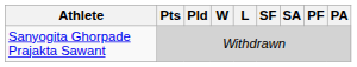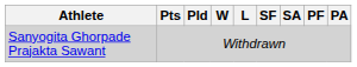 <table class=wikitable style="text-align:center">
 <tr>
 <th width="175">Athlete</th>
 <th width="20">Pts</th>
 <th width="20">Pld</th>
 <th width="20">W</th>
 <th width="20">L</th>
 <th width="20">SF</th>
 <th width="20">SA</th>
 <th width="20">PF</th>
 <th width="20">PA</th>
 </tr>
 <tr>
-<td style="text-align:left"> <a href='#'>Sanyogita Ghorpade</a> <br>  <a href='#'>Prajakta Sawant</a></td>
+<td style="background: lightgrey; text-align:left"> <a href='#'>Sanyogita Ghorpade</a> <br>  <a href='#'>Prajakta Sawant</a></td>
 <td colspan="8" bgcolor="lightgray"><em>Withdrawn</em></td>
 </tr>
 </table>
